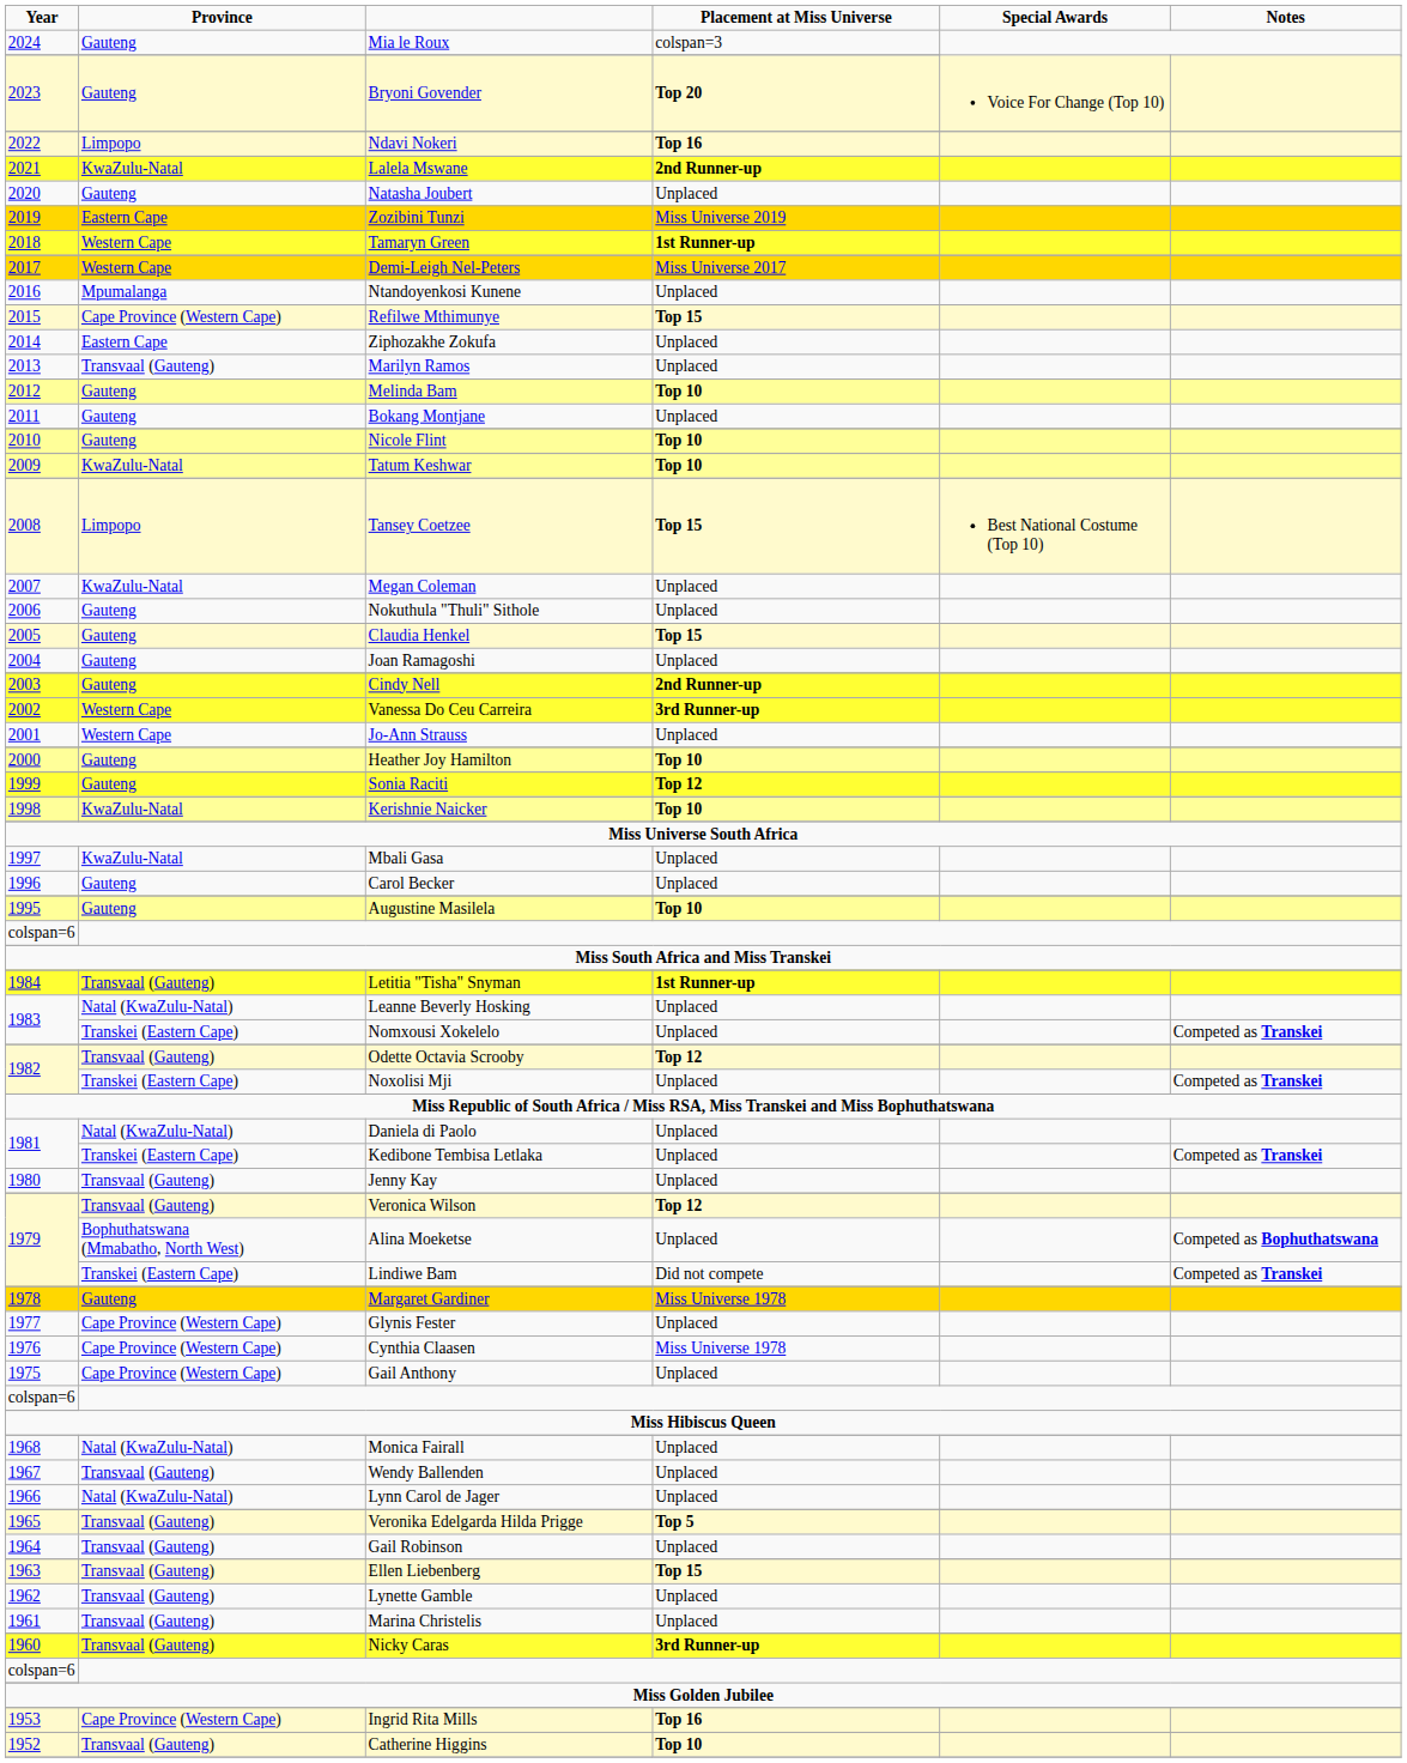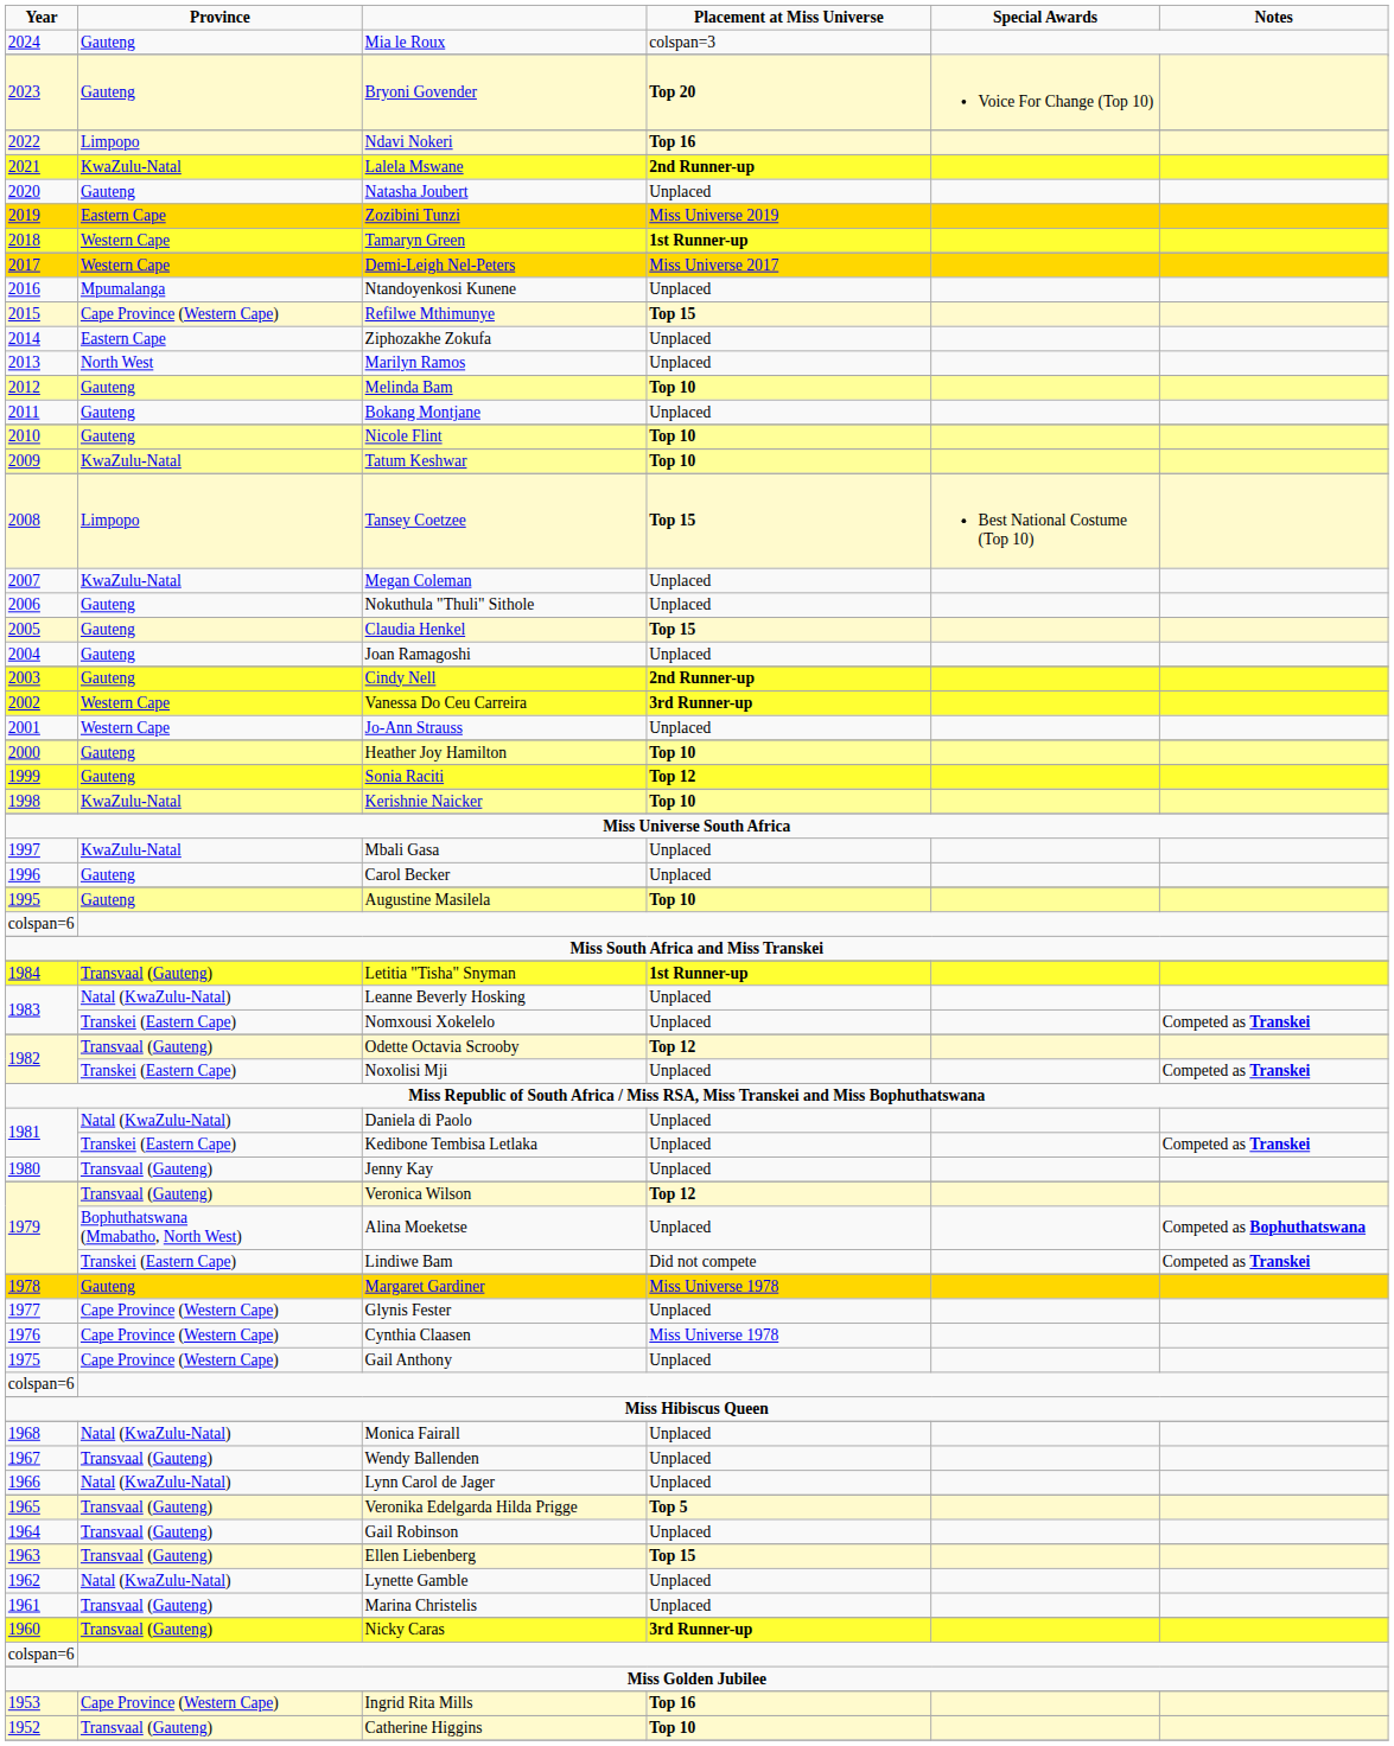 <table class="sortable" border="5" cellpadding="2" cellspacing="0" align=" 0 1em 0 0" style="background: #f9f9f9; border: 1px #aaa solid; border-collapse: collapse; font-size: 90%">
 <tr>
 <th width="60">Year</th>
 <th width="250">Province</th>
 <th width="250"></th>
 <th width="250">Placement at Miss Universe</th>
 <th width="200">Special Awards</th>
 <th width="200">Notes</th>
 </tr>
 <tr>
 <td><a href='#'>2024</a></td>
 <td><a href='#'>Gauteng</a></td>
 <td><a href='#'>Mia le Roux</a></td>
 <td>colspan=3 </td>
 </tr>
 <tr>
 </tr>
 <tr style="background-color:#FFFACD">
 <td><a href='#'>2023</a></td>
 <td><a href='#'>Gauteng</a></td>
 <td><a href='#'>Bryoni Govender</a></td>
 <td><strong>Top 20</strong></td>
 <td align="left"><br><ul><li>Voice For Change (Top 10)</li></ul></td>
 <td></td>
 </tr>
 <tr>
 </tr>
 <tr style="background-color:#FFFACD">
 <td><a href='#'>2022</a></td>
 <td><a href='#'>Limpopo</a></td>
 <td><a href='#'>Ndavi Nokeri</a></td>
 <td><strong>Top 16</strong></td>
 <td></td>
 <td></td>
 </tr>
 <tr>
 </tr>
 <tr style="background-color:#FFFF33;">
 <td><a href='#'>2021</a></td>
 <td><a href='#'>KwaZulu-Natal</a></td>
 <td><a href='#'>Lalela Mswane</a></td>
 <td><strong>2nd Runner-up</strong></td>
 <td></td>
 <td></td>
 </tr>
 <tr>
 <td><a href='#'>2020</a></td>
 <td><a href='#'>Gauteng</a></td>
 <td><a href='#'>Natasha Joubert</a></td>
 <td>Unplaced</td>
 <td></td>
 <td></td>
 </tr>
 <tr style="background-color:gold; ">
 <td><a href='#'>2019</a></td>
 <td><a href='#'>Eastern Cape</a></td>
 <td><a href='#'>Zozibini Tunzi</a></td>
 <td><a href='#'>Miss Universe 2019</a></td>
 <td></td>
 <td></td>
 </tr>
 <tr style="background-color:#FFFF33;">
 <td><a href='#'>2018</a></td>
 <td><a href='#'>Western Cape</a></td>
 <td><a href='#'>Tamaryn Green</a></td>
 <td><strong>1st Runner-up</strong></td>
 <td></td>
 <td></td>
 </tr>
 <tr>
 </tr>
 <tr style="background-color:gold; ">
 <td><a href='#'>2017</a></td>
 <td><a href='#'>Western Cape</a></td>
 <td><a href='#'>Demi-Leigh Nel-Peters</a></td>
 <td><a href='#'>Miss Universe 2017</a></td>
 <td></td>
 <td></td>
 </tr>
 <tr>
 <td><a href='#'>2016</a></td>
 <td><a href='#'>Mpumalanga</a></td>
 <td>Ntandoyenkosi Kunene</td>
 <td>Unplaced</td>
 <td></td>
 <td></td>
 </tr>
 <tr>
 </tr>
 <tr style="background-color:#FFFACD;">
 <td><a href='#'>2015</a></td>
 <td><a href='#'>Cape Province</a> (<a href='#'>Western Cape</a>)</td>
 <td><a href='#'>Refilwe Mthimunye</a></td>
 <td><strong>Top 15</strong></td>
 <td></td>
 <td></td>
 </tr>
 <tr>
 <td><a href='#'>2014</a></td>
 <td><a href='#'>Eastern Cape</a></td>
 <td>Ziphozakhe Zokufa </td>
 <td>Unplaced</td>
 <td></td>
 <td></td>
 </tr>
 <tr>
 <td><a href='#'>2013</a></td>
-<td><a href='#'>Transvaal</a> (<a href='#'>Gauteng</a>)</td>
+<td><a href='#'>North West</a></td>
 <td><a href='#'>Marilyn Ramos</a></td>
 <td>Unplaced</td>
 <td></td>
 <td></td>
 </tr>
 <tr>
 </tr>
 <tr style="background-color:#FFFF99;">
 <td><a href='#'>2012</a></td>
 <td><a href='#'>Gauteng</a></td>
 <td><a href='#'>Melinda Bam</a></td>
 <td><strong>Top 10</strong></td>
 <td></td>
 <td></td>
 </tr>
 <tr>
 <td><a href='#'>2011</a></td>
 <td><a href='#'>Gauteng</a></td>
 <td><a href='#'>Bokang Montjane</a></td>
 <td>Unplaced</td>
 <td></td>
 <td></td>
 </tr>
 <tr>
 </tr>
 <tr style="background-color:#FFFF99;">
 <td><a href='#'>2010</a></td>
 <td><a href='#'>Gauteng</a></td>
 <td><a href='#'>Nicole Flint</a></td>
 <td><strong>Top 10</strong></td>
 <td></td>
 <td></td>
 </tr>
 <tr>
 </tr>
 <tr style="background-color:#FFFF99;">
 <td><a href='#'>2009</a></td>
 <td><a href='#'>KwaZulu-Natal</a></td>
 <td><a href='#'>Tatum Keshwar</a></td>
 <td><strong>Top 10</strong></td>
 <td></td>
 <td></td>
 </tr>
 <tr>
 </tr>
 <tr style="background-color:#FFFACD;">
 <td><a href='#'>2008</a></td>
 <td><a href='#'>Limpopo</a></td>
 <td><a href='#'>Tansey Coetzee</a></td>
 <td><strong>Top 15</strong></td>
 <td align="left"><br><ul><li>Best National Costume (Top 10)</li></ul></td>
 <td></td>
 </tr>
 <tr>
 <td><a href='#'>2007</a></td>
 <td><a href='#'>KwaZulu-Natal</a></td>
 <td><a href='#'>Megan Coleman</a></td>
 <td>Unplaced</td>
 <td></td>
 <td></td>
 </tr>
 <tr>
 <td><a href='#'>2006</a></td>
 <td><a href='#'>Gauteng</a></td>
 <td>Nokuthula "Thuli" Sithole</td>
 <td>Unplaced</td>
 <td></td>
 <td></td>
 </tr>
 <tr>
 </tr>
 <tr style="background-color:#FFFACD;">
 <td><a href='#'>2005</a></td>
 <td><a href='#'>Gauteng</a></td>
 <td><a href='#'>Claudia Henkel</a></td>
 <td><strong>Top 15</strong></td>
 <td></td>
 <td></td>
 </tr>
 <tr>
 <td><a href='#'>2004</a></td>
 <td><a href='#'>Gauteng</a></td>
 <td>Joan Ramagoshi</td>
 <td>Unplaced</td>
 <td></td>
 <td></td>
 </tr>
 <tr>
 </tr>
 <tr style="background-color:#FFFF33;">
 <td><a href='#'>2003</a></td>
 <td><a href='#'>Gauteng</a></td>
 <td><a href='#'>Cindy Nell</a></td>
 <td><strong>2nd Runner-up</strong></td>
 <td></td>
 <td></td>
 </tr>
 <tr>
 </tr>
 <tr style="background-color:#FFFF33;">
 <td><a href='#'>2002</a></td>
 <td><a href='#'>Western Cape</a></td>
 <td>Vanessa Do Ceu Carreira</td>
 <td><strong>3rd Runner-up</strong></td>
 <td></td>
 <td></td>
 </tr>
 <tr>
 <td><a href='#'>2001</a></td>
 <td><a href='#'>Western Cape</a></td>
 <td><a href='#'>Jo-Ann Strauss</a></td>
 <td>Unplaced</td>
 <td></td>
 <td></td>
 </tr>
 <tr>
 </tr>
 <tr style="background-color:#FFFF99;">
 <td><a href='#'>2000</a></td>
 <td><a href='#'>Gauteng</a></td>
 <td>Heather Joy Hamilton</td>
 <td><strong>Top 10</strong></td>
 <td></td>
 <td></td>
 </tr>
 <tr>
 </tr>
 <tr style="background-color:#FFFF33;">
 <td><a href='#'>1999</a></td>
 <td><a href='#'>Gauteng</a></td>
 <td><a href='#'>Sonia Raciti</a></td>
 <td><strong>Top 12</strong></td>
 <td></td>
 <td></td>
 </tr>
 <tr>
 </tr>
 <tr style="background-color:#FFFF99;">
 <td><a href='#'>1998</a></td>
 <td><a href='#'>KwaZulu-Natal</a></td>
 <td><a href='#'>Kerishnie Naicker</a></td>
 <td><strong>Top 10</strong></td>
 <td></td>
 <td></td>
 </tr>
 <tr>
 </tr>
 <tr align="center">
 <th colspan="6">Miss Universe South Africa</th>
 </tr>
 <tr>
 <td><a href='#'>1997</a></td>
 <td><a href='#'>KwaZulu-Natal</a></td>
 <td>Mbali Gasa</td>
 <td>Unplaced</td>
 <td></td>
 <td></td>
 </tr>
 <tr>
 <td><a href='#'>1996</a></td>
 <td><a href='#'>Gauteng</a></td>
 <td>Carol Becker</td>
 <td>Unplaced</td>
 <td></td>
 <td></td>
 </tr>
 <tr>
 </tr>
 <tr style="background-color:#FFFF99;">
 <td><a href='#'>1995</a></td>
 <td><a href='#'>Gauteng</a></td>
 <td>Augustine Masilela</td>
 <td><strong>Top 10</strong></td>
 <td></td>
 <td></td>
 </tr>
 <tr>
 <td>colspan=6 </td>
 </tr>
 <tr>
 </tr>
 <tr align="center">
 <th colspan="6">Miss South Africa and Miss Transkei</th>
 </tr>
 <tr>
 </tr>
 <tr style="background-color:#FFFF33;">
 <td><a href='#'>1984</a></td>
 <td><a href='#'>Transvaal</a> (<a href='#'>Gauteng</a>) </td>
 <td>Letitia "Tisha" Snyman</td>
 <td><strong>1st Runner-up</strong></td>
 <td></td>
 <td></td>
 </tr>
 <tr>
 <td rowspan=2><a href='#'>1983</a></td>
 <td><a href='#'>Natal</a> (<a href='#'>KwaZulu-Natal</a>) </td>
 <td>Leanne Beverly Hosking</td>
 <td>Unplaced</td>
 <td></td>
 <td></td>
 </tr>
 <tr>
 <td><a href='#'>Transkei</a> (<a href='#'>Eastern Cape</a>) </td>
 <td>Nomxousi Xokelelo</td>
 <td>Unplaced</td>
 <td></td>
 <td>Competed as <strong><a href='#'>Transkei</a></strong></td>
 </tr>
 <tr>
 </tr>
 <tr style="background-color:#FFFACD;">
 <td rowspan=2><a href='#'>1982</a></td>
 <td><a href='#'>Transvaal</a> (<a href='#'>Gauteng</a>)</td>
 <td>Odette Octavia Scrooby</td>
 <td><strong>Top 12</strong></td>
 <td></td>
 <td></td>
 </tr>
 <tr>
 <td><a href='#'>Transkei</a> (<a href='#'>Eastern Cape</a>) </td>
 <td>Noxolisi Mji</td>
 <td>Unplaced</td>
 <td></td>
 <td>Competed as <strong><a href='#'>Transkei</a></strong></td>
 </tr>
 <tr>
 </tr>
 <tr align="center">
 <th colspan="6">Miss Republic of South Africa / Miss RSA, Miss Transkei and Miss Bophuthatswana</th>
 </tr>
 <tr>
 <td rowspan=2><a href='#'>1981</a></td>
 <td><a href='#'>Natal</a> (<a href='#'>KwaZulu-Natal</a>)</td>
 <td>Daniela di Paolo</td>
 <td>Unplaced</td>
 <td></td>
 <td></td>
 </tr>
 <tr>
 <td><a href='#'>Transkei</a> (<a href='#'>Eastern Cape</a>)</td>
 <td>Kedibone Tembisa Letlaka</td>
 <td>Unplaced</td>
 <td></td>
 <td>Competed as <strong><a href='#'>Transkei</a></strong></td>
 </tr>
 <tr>
 <td><a href='#'>1980</a></td>
 <td><a href='#'>Transvaal</a> (<a href='#'>Gauteng</a>)</td>
 <td>Jenny Kay</td>
 <td>Unplaced</td>
 <td></td>
 <td></td>
 </tr>
 <tr>
 </tr>
 <tr style="background-color:#FFFACD;">
 <td rowspan=3><a href='#'>1979</a></td>
 <td><a href='#'>Transvaal</a> (<a href='#'>Gauteng</a>) </td>
 <td>Veronica Wilson</td>
 <td><strong>Top 12</strong></td>
 <td></td>
 <td></td>
 </tr>
 <tr>
 <td><a href='#'>Bophuthatswana</a><br>(<a href='#'>Mmabatho</a>, <a href='#'>North West</a>) </td>
 <td>Alina Moeketse</td>
 <td>Unplaced</td>
 <td></td>
 <td>Competed as <strong><a href='#'>Bophuthatswana</a></strong></td>
 </tr>
 <tr>
 <td><a href='#'>Transkei</a> (<a href='#'>Eastern Cape</a>) </td>
 <td>Lindiwe Bam</td>
 <td>Did not compete</td>
 <td></td>
 <td>Competed as <strong><a href='#'>Transkei</a></strong></td>
 </tr>
 <tr>
 </tr>
 <tr style="background-color:gold; ">
 <td><a href='#'>1978</a></td>
 <td><a href='#'>Gauteng</a></td>
 <td><a href='#'>Margaret Gardiner</a></td>
 <td><a href='#'>Miss Universe 1978</a></td>
 <td></td>
 <td></td>
 </tr>
 <tr>
 <td><a href='#'>1977</a></td>
 <td><a href='#'>Cape Province</a> (<a href='#'>Western Cape</a>)</td>
 <td>Glynis Fester</td>
 <td>Unplaced</td>
 <td></td>
 <td></td>
 </tr>
 <tr>
 <td><a href='#'>1976</a></td>
 <td><a href='#'>Cape Province</a> (<a href='#'>Western Cape</a>)</td>
 <td>Cynthia Claasen</td>
 <td><a href='#'>Miss Universe 1978</a></td>
 <td></td>
 <td></td>
 </tr>
 <tr>
 <td><a href='#'>1975</a></td>
 <td><a href='#'>Cape Province</a> (<a href='#'>Western Cape</a>)</td>
 <td>Gail Anthony</td>
 <td>Unplaced</td>
 <td></td>
 <td></td>
 </tr>
 <tr>
 <td>colspan=6 </td>
 </tr>
 <tr>
 </tr>
 <tr align="center">
 <th colspan="6">Miss Hibiscus Queen</th>
 </tr>
 <tr>
 </tr>
 <tr>
 <td><a href='#'>1968</a></td>
 <td><a href='#'>Natal</a> (<a href='#'>KwaZulu-Natal</a>)</td>
 <td>Monica Fairall</td>
 <td>Unplaced</td>
 <td></td>
 <td></td>
 </tr>
 <tr>
 <td><a href='#'>1967</a></td>
 <td><a href='#'>Transvaal</a> (<a href='#'>Gauteng</a>)</td>
 <td>Wendy Ballenden</td>
 <td>Unplaced</td>
 <td></td>
 <td></td>
 </tr>
 <tr>
 <td><a href='#'>1966</a></td>
 <td><a href='#'>Natal</a> (<a href='#'>KwaZulu-Natal</a>)</td>
 <td>Lynn Carol de Jager</td>
 <td>Unplaced</td>
 <td></td>
 <td></td>
 </tr>
 <tr>
 </tr>
 <tr style="background-color:#FFFACD;">
 <td><a href='#'>1965</a></td>
 <td><a href='#'>Transvaal</a> (<a href='#'>Gauteng</a>)</td>
 <td>Veronika Edelgarda Hilda Prigge</td>
 <td><strong>Top 5</strong></td>
 <td></td>
 <td></td>
 </tr>
 <tr>
 <td><a href='#'>1964</a></td>
 <td><a href='#'>Transvaal</a> (<a href='#'>Gauteng</a>)</td>
 <td>Gail Robinson</td>
 <td>Unplaced</td>
 <td></td>
 <td></td>
 </tr>
 <tr>
 </tr>
 <tr style="background-color:#FFFACD;">
 <td><a href='#'>1963</a></td>
 <td><a href='#'>Transvaal</a> (<a href='#'>Gauteng</a>)</td>
 <td>Ellen Liebenberg</td>
 <td><strong>Top 15</strong></td>
 <td></td>
 <td></td>
 </tr>
 <tr>
 <td><a href='#'>1962</a></td>
-<td><a href='#'>Transvaal</a> (<a href='#'>Gauteng</a>)</td>
+<td><a href='#'>Natal</a> (<a href='#'>KwaZulu-Natal</a>)</td>
 <td>Lynette Gamble</td>
 <td>Unplaced</td>
 <td></td>
 <td></td>
 </tr>
 <tr>
 <td><a href='#'>1961</a></td>
 <td><a href='#'>Transvaal</a> (<a href='#'>Gauteng</a>)</td>
 <td>Marina Christelis</td>
 <td>Unplaced</td>
 <td></td>
 <td></td>
 </tr>
 <tr>
 </tr>
 <tr style="background-color:#FFFF33;">
 <td><a href='#'>1960</a></td>
 <td><a href='#'>Transvaal</a> (<a href='#'>Gauteng</a>)</td>
 <td>Nicky Caras</td>
 <td><strong>3rd Runner-up</strong></td>
 <td></td>
 <td></td>
 </tr>
 <tr>
 <td>colspan=6 </td>
 </tr>
 <tr>
 </tr>
 <tr align="center">
 <th colspan="6">Miss Golden Jubilee</th>
 </tr>
 <tr>
 </tr>
 <tr style="background-color:#FFFACD;">
 <td><a href='#'>1953</a></td>
 <td><a href='#'>Cape Province</a> (<a href='#'>Western Cape</a>)</td>
 <td>Ingrid Rita Mills</td>
 <td><strong>Top 16</strong></td>
 <td></td>
 <td></td>
 </tr>
 <tr>
 </tr>
 <tr style="background-color:#FFFACD;">
 <td><a href='#'>1952</a></td>
 <td><a href='#'>Transvaal</a> (<a href='#'>Gauteng</a>)</td>
 <td>Catherine Higgins</td>
 <td><strong>Top 10</strong></td>
 <td></td>
 <td></td>
 </tr>
 <tr>
 </tr>
 </table>
